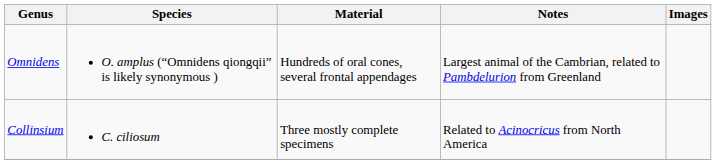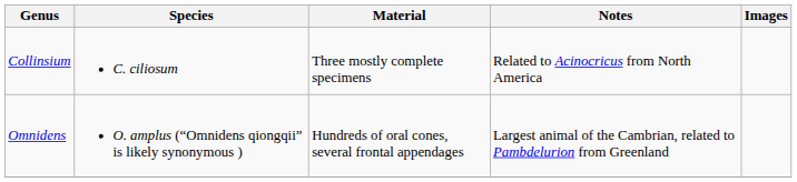 <table class="wikitable" style="margin:auto;width:100%;">
 <tr>
 <th>Genus</th>
 <th>Species</th>
 <th>Material</th>
 <th>Notes</th>
 <th>Images</th>
 </tr>
 <tr>
+<td><em><a href='#'>Collinsium</a></em></td>
+<td><br><ul><li><em>C. ciliosum</em></li></ul></td>
+<td><br>Three mostly complete specimens</td>
+<td><br>Related to <em><a href='#'>Acinocricus</a></em> from North America</td>
+<td></td>
+</tr>
+<tr>
 <td><em><a href='#'>Omnidens</a></em></td>
 <td><br><ul><li><em>O. amplus</em> (“Omnidens qiongqii” is likely synonymous )</li></ul></td>
 <td><br>Hundreds of oral cones, several frontal appendages</td>
 <td><br>Largest animal of the Cambrian, related to <em><a href='#'>Pambdelurion</a></em> from Greenland</td>
 <td></td>
 </tr>
 <tr>
-<td><em><a href='#'>Collinsium</a></em></td>
-<td><br><ul><li><em>C. ciliosum</em></li></ul></td>
-<td><br>Three mostly complete specimens</td>
-<td><br>Related to <em><a href='#'>Acinocricus</a></em> from North America</td>
-<td></td>
-</tr>
-<tr>
 </tr>
 </table>
